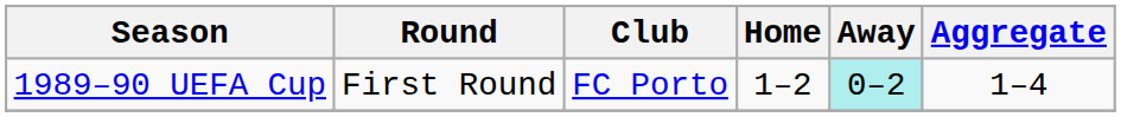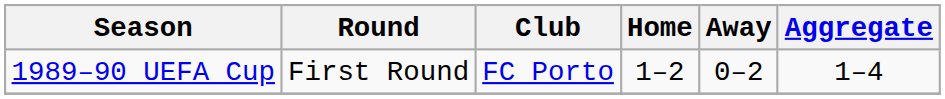 <table class="wikitable" style="text-align: center;">
 <tr>
 <th>Season</th>
 <th>Round</th>
 <th>Club</th>
 <th>Home</th>
 <th>Away</th>
 <th><a href='#'>Aggregate</a></th>
 </tr>
 <tr>
 <td align="left"><a href='#'>1989–90 UEFA Cup</a></td>
 <td align="left">First Round</td>
 <td align="left"> <a href='#'>FC Porto</a></td>
 <td>1–2</td>
-<td style="background: paleturquoise;">0–2</td>
+<td>0–2</td>
 <td>1–4</td>
 </tr>
 <tr>
 </tr>
 </table>
